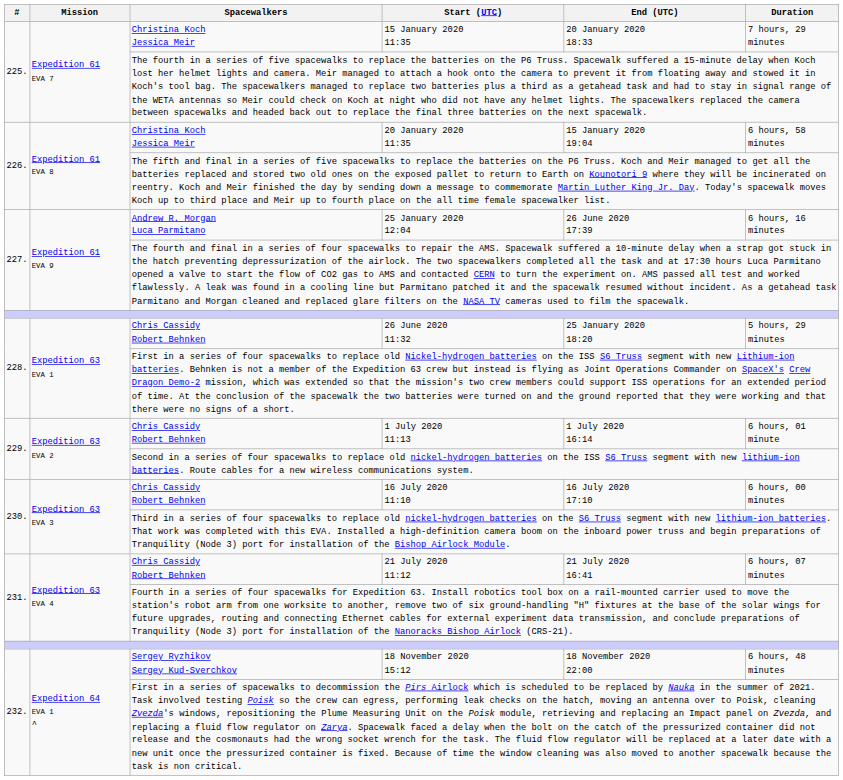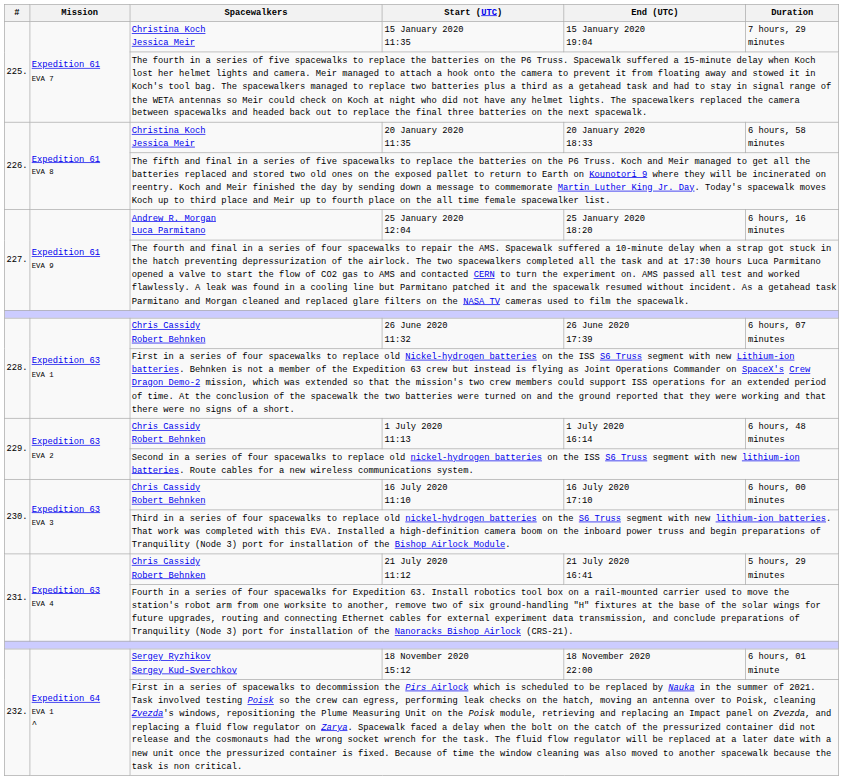 <table class="wikitable sortable sticky-header" style="font-size:0.95em; line-height:1.5em;">
 <tr>
 <th scope="col" width="25">#</th>
 <th scope="col" width="135">Mission</th>
 <th scope="col" width="350">Spacewalkers</th>
 <th scope="col" width="250">Start (<a href='#'>UTC</a>)</th>
 <th scope="col" width="250">End (UTC)</th>
 <th scope="col" width="125">Duration</th>
 </tr>
 <tr>
 <td rowspan="2">225.</td>
 <td rowspan="2"><a href='#'>Expedition 61</a><br><small>EVA 7</small></td>
 <td> <a href='#'>Christina Koch</a><br> <a href='#'>Jessica Meir</a></td>
 <td>15 January 2020<br>11:35</td>
-<td>20 January 2020<br>18:33</td>
+<td>15 January 2020<br>19:04</td>
 <td>7 hours, 29 minutes</td>
 </tr>
 <tr>
 <td colspan="4">The fourth in a series of five spacewalks to replace the batteries on the P6 Truss. Spacewalk suffered a 15-minute delay when Koch lost her helmet lights and camera. Meir managed to attach a hook onto the camera to prevent it from floating away and stowed it in Koch's tool bag. The spacewalkers managed to replace two batteries plus a third as a getahead task and had to stay in signal range of the WETA antennas so Meir could check on Koch at night who did not have any helmet lights. The spacewalkers replaced the camera between spacewalks and headed back out to replace the final three batteries on the next spacewalk.</td>
 </tr>
 <tr>
 <td rowspan="2">226.</td>
 <td rowspan="2"><a href='#'>Expedition 61</a><br><small>EVA 8</small></td>
 <td> <a href='#'>Christina Koch</a><br> <a href='#'>Jessica Meir</a></td>
 <td>20 January 2020<br>11:35</td>
-<td>15 January 2020<br>19:04</td>
+<td>20 January 2020<br>18:33</td>
 <td>6 hours, 58 minutes</td>
 </tr>
 <tr>
 <td colspan="4">The fifth and final in a series of five spacewalks to replace the batteries on the P6 Truss. Koch and Meir managed to get all the batteries replaced and stored two old ones on the exposed pallet to return to Earth on <a href='#'>Kounotori 9</a> where they will be incinerated on reentry. Koch and Meir finished the day by sending down a message to commemorate <a href='#'>Martin Luther King Jr. Day</a>. Today's spacewalk moves Koch up to third place and Meir up to fourth place on the all time female spacewalker list.</td>
 </tr>
 <tr>
 <td rowspan="2">227.</td>
 <td rowspan="2"><a href='#'>Expedition 61</a><br><small>EVA 9</small></td>
 <td> <a href='#'>Andrew R. Morgan</a><br> <a href='#'>Luca Parmitano</a></td>
 <td>25 January 2020<br>12:04</td>
-<td>26 June 2020<br>17:39</td>
+<td>25 January 2020<br>18:20</td>
 <td>6 hours, 16 minutes</td>
 </tr>
 <tr>
 <td colspan="4">The fourth and final in a series of four spacewalks to repair the AMS. Spacewalk suffered a 10-minute delay when a strap got stuck in the hatch preventing depressurization of the airlock. The two spacewalkers completed all the task and at 17:30 hours Luca Parmitano opened a valve to start the flow of CO2 gas to AMS and contacted <a href='#'>CERN</a> to turn the experiment on. AMS passed all test and worked flawlessly. A leak was found in a cooling line but Parmitano patched it and the spacewalk resumed without incident. As a getahead task Parmitano and Morgan cleaned and replaced glare filters on the <a href='#'>NASA TV</a> cameras used to film the spacewalk.</td>
 </tr>
 <tr>
 <td colspan="6" bgcolor="#ccccff" height="5px"></td>
 </tr>
 <tr>
 <td rowspan="2">228.</td>
 <td rowspan="2"><a href='#'>Expedition 63</a><br><small>EVA 1</small></td>
 <td> <a href='#'>Chris Cassidy</a><br> <a href='#'>Robert Behnken</a></td>
 <td>26 June 2020<br>11:32</td>
-<td>25 January 2020<br>18:20</td>
-<td>5 hours, 29 minutes</td>
+<td>26 June 2020<br>17:39</td>
+<td>6 hours, 07 minutes</td>
 </tr>
 <tr>
 <td colspan="4">First in a series of four spacewalks to replace old <a href='#'>Nickel-hydrogen batteries</a> on the ISS <a href='#'>S6 Truss</a> segment with new <a href='#'>Lithium-ion batteries</a>. Behnken is not a member of the Expedition 63 crew but instead is flying as Joint Operations Commander on <a href='#'>SpaceX's</a> <a href='#'>Crew Dragon Demo-2</a> mission, which was extended so that the mission's two crew members could support ISS operations for an extended period of time. At the conclusion of the spacewalk the two batteries were turned on and the ground reported that they were working and that there were no signs of a short.</td>
 </tr>
 <tr>
 <td rowspan="2">229.</td>
 <td rowspan="2"><a href='#'>Expedition 63</a><br><small>EVA 2</small></td>
 <td> <a href='#'>Chris Cassidy</a><br> <a href='#'>Robert Behnken</a></td>
 <td>1 July 2020<br>11:13</td>
 <td>1 July 2020<br>16:14</td>
-<td>6 hours, 01 minute</td>
+<td>6 hours, 48 minutes</td>
 </tr>
 <tr>
 <td colspan="4">Second in a series of four spacewalks to replace old <a href='#'>nickel-hydrogen batteries</a> on the ISS <a href='#'>S6 Truss</a> segment with new <a href='#'>lithium-ion batteries</a>. Route cables for a new wireless communications system.</td>
 </tr>
 <tr>
 <td rowspan="2">230.</td>
 <td rowspan="2"><a href='#'>Expedition 63</a><br><small>EVA 3</small></td>
 <td> <a href='#'>Chris Cassidy</a><br> <a href='#'>Robert Behnken</a></td>
 <td>16 July 2020<br>11:10</td>
 <td>16 July 2020<br>17:10</td>
 <td>6 hours, 00 minutes</td>
 </tr>
 <tr>
 <td colspan="4">Third in a series of four spacewalks to replace old <a href='#'>nickel-hydrogen batteries</a> on the <a href='#'>S6 Truss</a> segment with new <a href='#'>lithium-ion batteries</a>. That work was completed with this EVA. Installed a high-definition camera boom on the inboard power truss and begin preparations of Tranquility (Node 3) port for installation of the <a href='#'>Bishop Airlock Module</a>.</td>
 </tr>
 <tr>
 <td rowspan="2">231.</td>
 <td rowspan="2"><a href='#'>Expedition 63</a><br><small>EVA 4</small></td>
 <td> <a href='#'>Chris Cassidy</a><br> <a href='#'>Robert Behnken</a></td>
 <td>21 July 2020<br>11:12</td>
 <td>21 July 2020<br>16:41</td>
-<td>6 hours, 07 minutes</td>
+<td>5 hours, 29 minutes</td>
 </tr>
 <tr>
 <td colspan="4">Fourth in a series of four spacewalks for Expedition 63. Install robotics tool box on a rail-mounted carrier used to move the station's robot arm from one worksite to another, remove two of six ground-handling "H" fixtures at the base of the solar wings for future upgrades, routing and connecting Ethernet cables for external experiment data transmission, and conclude preparations of Tranquility (Node 3) port for installation of the <a href='#'>Nanoracks Bishop Airlock</a> (CRS-21).</td>
 </tr>
 <tr>
 <td colspan="6" bgcolor="#ccccff" height="5px"></td>
 </tr>
 <tr>
 <td rowspan="2">232.</td>
 <td rowspan="2"><a href='#'>Expedition 64</a><br><small>EVA 1</small><br>^</td>
 <td> <a href='#'>Sergey Ryzhikov</a><br> <a href='#'>Sergey Kud-Sverchkov</a></td>
 <td>18 November 2020<br>15:12</td>
 <td>18 November 2020<br>22:00</td>
-<td>6 hours, 48 minutes</td>
+<td>6 hours, 01 minute</td>
 </tr>
 <tr>
 <td colspan="4">First in a series of spacewalks to decommission the <a href='#'><em>Pirs</em> Airlock</a> which is scheduled to be replaced by <a href='#'><em>Nauka</em></a> in the summer of 2021. Task involved testing <a href='#'><em>Poisk</em></a> so the crew can egress, performing leak checks on the hatch, moving an antenna over to Poisk, cleaning <a href='#'><em>Zvezda</em></a>'s windows, repositioning the Plume Measuring Unit on the <em>Poisk</em> module, retrieving and replacing an Impact panel on <em>Zvezda</em>, and replacing a fluid flow regulator on <em><a href='#'>Zarya</a></em>. Spacewalk faced a delay when the bolt on the catch of the pressurized container did not release and the cosmonauts had the wrong socket wrench for the task. The fluid flow regulator will be replaced at a later date with a new unit once the pressurized container is fixed. Because of time the window cleaning was also moved to another spacewalk because the task is non critical.</td>
 </tr>
 </table>
